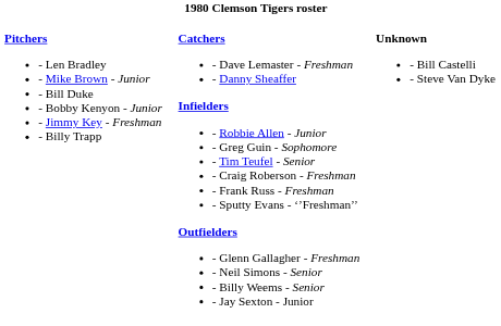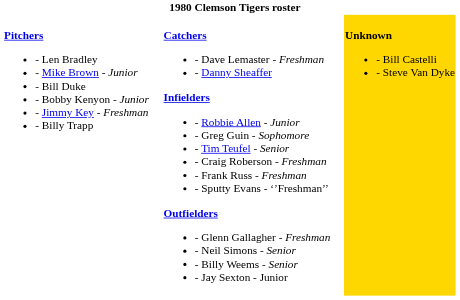 <table class="toccolours" style="border-collapse:collapse; font-size:90%;">
 <tr>
 <th colspan="9">1980 Clemson Tigers roster</th>
 </tr>
 <tr>
 </tr>
 <tr>
 <td width="03"> </td>
 <td valign="top"></td>
 <td width="03"> </td>
 <td valign="top"><br><strong><a href='#'>Pitchers</a></strong><ul><li>- Len Bradley</li><li>- <a href='#'>Mike Brown</a> - <em>Junior</em></li><li>- Bill Duke</li><li>- Bobby Kenyon - <em>Junior</em></li><li>- <a href='#'>Jimmy Key</a> - <em>Freshman</em></li><li>- Billy Trapp</li></ul></td>
 <td width="15"> </td>
 <td valign="top"><br><strong><a href='#'>Catchers</a></strong><ul><li>- Dave Lemaster - <em>Freshman</em></li><li>- <a href='#'>Danny Sheaffer</a></li></ul><strong><a href='#'>Infielders</a></strong><ul><li>- <a href='#'>Robbie Allen</a> - <em>Junior</em></li><li>- Greg Guin - <em>Sophomore</em></li><li>- <a href='#'>Tim Teufel</a> - <em>Senior</em></li><li>- Craig Roberson - <em>Freshman</em></li><li>- Frank Russ - <em>Freshman</em></li><li>- Sputty Evans - ‘’Freshman’’</li></ul><strong><a href='#'>Outfielders</a></strong><ul><li>- Glenn Gallagher - <em>Freshman</em></li><li>- Neil Simons - <em>Senior</em></li><li>- Billy Weems - <em>Senior</em></li><li>- Jay Sexton - Junior</li></ul></td>
 <td width="15"> </td>
-<td valign="top"><br><strong>Unknown</strong><ul><li>- Bill Castelli</li><li>- Steve Van Dyke</li></ul></td>
+<td valign="top" style="background: gold;"><br><strong>Unknown</strong><ul><li>- Bill Castelli</li><li>- Steve Van Dyke</li></ul></td>
 <td width="25"> </td>
 </tr>
 </table>
